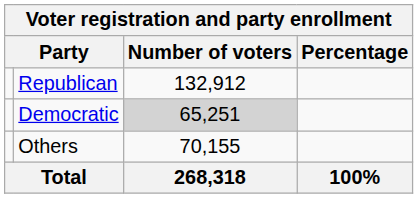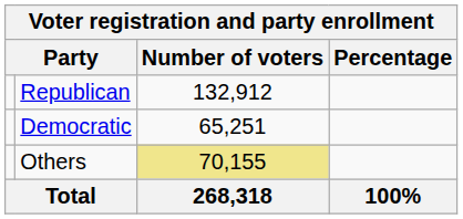 <table class="wikitable float">
 <tr>
 <th colspan = 6>Voter registration and party enrollment</th>
 </tr>
 <tr>
 <th colspan = 2>Party</th>
 <th>Number of voters</th>
 <th>Percentage</th>
 </tr>
 <tr>
 <td></td>
 <td><a href='#'>Republican</a></td>
 <td style="text-align:center;">132,912</td>
 <td style="text-align:center;"></td>
 </tr>
 <tr>
 <td></td>
 <td><a href='#'>Democratic</a></td>
-<td style="background: lightgrey; text-align:center;">65,251</td>
+<td style="text-align:center;">65,251</td>
 <td style="text-align:center;"></td>
 </tr>
 <tr>
 <td></td>
 <td>Others</td>
-<td style="text-align:center;">70,155</td>
+<td style="background: khaki; text-align:center;">70,155</td>
 <td style="text-align:center;"></td>
 </tr>
 <tr>
 <th colspan="2">Total</th>
 <th style="text-align:center;">268,318</th>
 <th style="text-align:center;">100%</th>
 </tr>
 </table>
